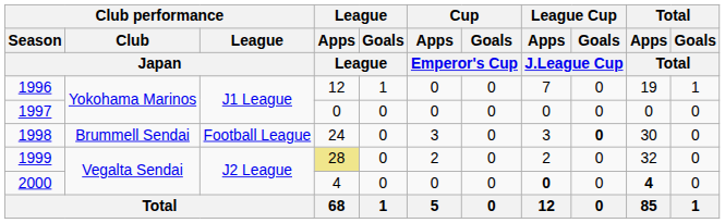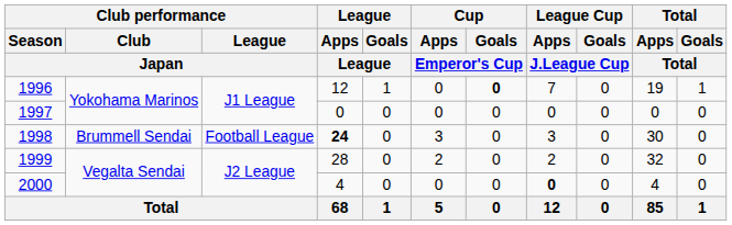 <table class="wikitable" style="text-align:center;">
 <tr>
 <th colspan=3>Club performance</th>
 <th colspan=2>League</th>
 <th colspan=2>Cup</th>
 <th colspan=2>League Cup</th>
 <th colspan=2>Total</th>
 </tr>
 <tr>
 <th>Season</th>
 <th>Club</th>
 <th>League</th>
 <th>Apps</th>
 <th>Goals</th>
 <th>Apps</th>
 <th>Goals</th>
 <th>Apps</th>
 <th>Goals</th>
 <th>Apps</th>
 <th>Goals</th>
 </tr>
 <tr>
 <th colspan=3>Japan</th>
 <th colspan=2>League</th>
 <th colspan=2><a href='#'>Emperor's Cup</a></th>
 <th colspan=2><a href='#'>J.League Cup</a></th>
 <th colspan=2>Total</th>
 </tr>
 <tr>
 <td><a href='#'>1996</a></td>
 <td rowspan="2"><a href='#'>Yokohama Marinos</a></td>
 <td rowspan="2"><a href='#'>J1 League</a></td>
 <td>12</td>
 <td>1</td>
 <td>0</td>
-<td>0</td>
+<td><strong>0</strong></td>
 <td>7</td>
 <td>0</td>
 <td>19</td>
 <td>1</td>
 </tr>
 <tr>
 <td><a href='#'>1997</a></td>
 <td>0</td>
 <td>0</td>
 <td>0</td>
 <td>0</td>
 <td>0</td>
 <td>0</td>
 <td>0</td>
 <td>0</td>
 </tr>
 <tr>
 <td><a href='#'>1998</a></td>
 <td><a href='#'>Brummell Sendai</a></td>
 <td><a href='#'>Football League</a></td>
-<td>24</td>
+<td><strong>24</strong></td>
 <td>0</td>
 <td>3</td>
 <td>0</td>
 <td>3</td>
-<td><strong>0</strong></td>
+<td>0</td>
 <td>30</td>
 <td>0</td>
 </tr>
 <tr>
 <td><a href='#'>1999</a></td>
 <td rowspan="2"><a href='#'>Vegalta Sendai</a></td>
 <td rowspan="2"><a href='#'>J2 League</a></td>
-<td style="background: khaki;">28</td>
+<td>28</td>
 <td>0</td>
 <td>2</td>
 <td>0</td>
 <td>2</td>
 <td>0</td>
 <td>32</td>
 <td>0</td>
 </tr>
 <tr>
 <td><a href='#'>2000</a></td>
 <td>4</td>
 <td>0</td>
 <td>0</td>
 <td>0</td>
 <td><strong>0</strong></td>
 <td>0</td>
-<td><strong>4</strong></td>
+<td>4</td>
 <td>0</td>
 </tr>
 <tr>
 <th colspan=3>Total</th>
 <th>68</th>
 <th>1</th>
 <th>5</th>
 <th>0</th>
 <th>12</th>
 <th>0</th>
 <th>85</th>
 <th>1</th>
 </tr>
 </table>
